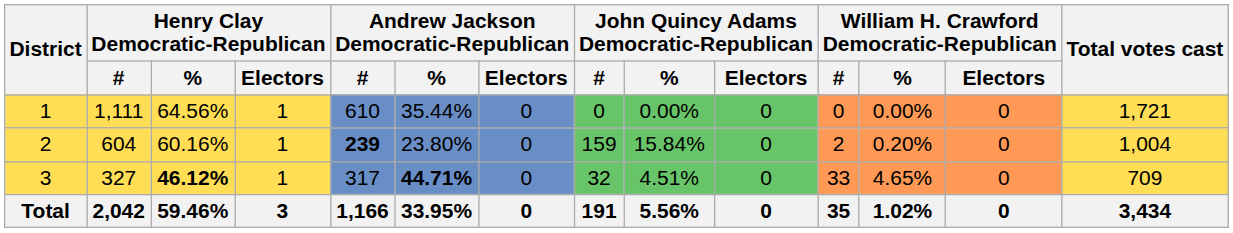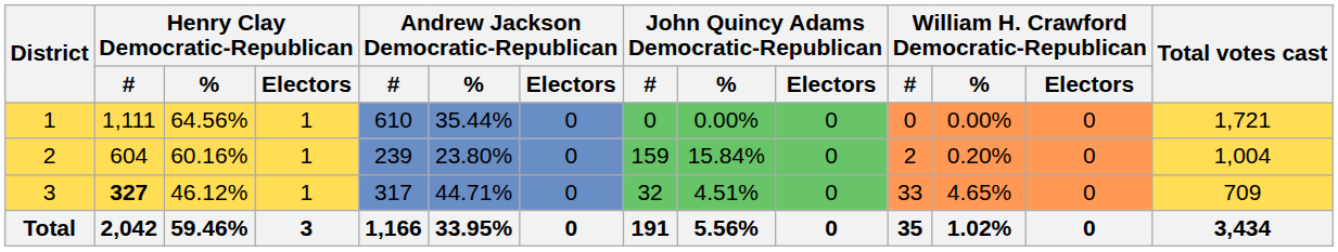 <table class="wikitable sortable">
 <tr>
 <th rowspan="2">District</th>
 <th colspan="3">Henry Clay<br>Democratic-Republican</th>
 <th colspan="3">Andrew Jackson<br>Democratic-Republican</th>
 <th colspan="3">John Quincy Adams<br>Democratic-Republican</th>
 <th colspan="3">William H. Crawford<br>Democratic-Republican</th>
 <th rowspan="2">Total votes cast</th>
 </tr>
 <tr style="text-align:center;">
 <th>#</th>
 <th>%</th>
 <th>Electors</th>
 <th>#</th>
 <th>%</th>
 <th>Electors</th>
 <th>#</th>
 <th>%</th>
 <th>Electors</th>
 <th>#</th>
 <th>%</th>
 <th>Electors</th>
 </tr>
 <tr style="text-align:center;">
 <td style="color:black; background:#FFDD55;">1</td>
 <td style="color:black; background:#FFDD55;">1,111</td>
 <td style="color:black; background:#FFDD55;">64.56%</td>
 <td style="color:black; background:#FFDD55;">1</td>
 <td style="color:black; background:#698DC5;">610</td>
 <td style="color:black; background:#698DC5;">35.44%</td>
 <td style="color:black; background:#698DC5;">0</td>
 <td style="color:black; background:#68C468;">0</td>
 <td style="color:black; background:#68C468;">0.00%</td>
 <td style="color:black; background:#68C468;">0</td>
 <td style="color:black; background:#FF9955;">0</td>
 <td style="color:black; background:#FF9955;">0.00%</td>
 <td style="color:black; background:#FF9955;">0</td>
 <td style="color:black; background:#FFDD55;">1,721</td>
 </tr>
 <tr style="text-align:center;">
 <td style="color:black; background:#FFDD55;">2</td>
 <td style="color:black; background:#FFDD55;">604</td>
 <td style="color:black; background:#FFDD55;">60.16%</td>
 <td style="color:black; background:#FFDD55;">1</td>
-<td style="color:black; background:#698DC5;"><strong>239</strong></td>
+<td style="color:black; background:#698DC5;">239</td>
 <td style="color:black; background:#698DC5;">23.80%</td>
 <td style="color:black; background:#698DC5;">0</td>
 <td style="color:black; background:#68C468;">159</td>
 <td style="color:black; background:#68C468;">15.84%</td>
 <td style="color:black; background:#68C468;">0</td>
 <td style="color:black; background:#FF9955;">2</td>
 <td style="color:black; background:#FF9955;">0.20%</td>
 <td style="color:black; background:#FF9955;">0</td>
 <td style="color:black; background:#FFDD55;">1,004</td>
 </tr>
 <tr style="text-align:center;">
 <td style="color:black; background:#FFDD55;">3</td>
-<td style="color:black; background:#FFDD55;">327</td>
-<td style="color:black; background:#FFDD55;"><strong>46.12%</strong></td>
+<td style="color:black; background:#FFDD55;"><strong>327</strong></td>
+<td style="color:black; background:#FFDD55;">46.12%</td>
 <td style="color:black; background:#FFDD55;">1</td>
 <td style="color:black; background:#698DC5;">317</td>
-<td style="color:black; background:#698DC5;"><strong>44.71%</strong></td>
+<td style="color:black; background:#698DC5;">44.71%</td>
 <td style="color:black; background:#698DC5;">0</td>
 <td style="color:black; background:#68C468;">32</td>
 <td style="color:black; background:#68C468;">4.51%</td>
 <td style="color:black; background:#68C468;">0</td>
 <td style="color:black; background:#FF9955;">33</td>
 <td style="color:black; background:#FF9955;">4.65%</td>
 <td style="color:black; background:#FF9955;">0</td>
 <td style="color:black; background:#FFDD55;">709</td>
 </tr>
 <tr style="text-align:center;">
 <th>Total</th>
 <th>2,042</th>
 <th>59.46%</th>
 <th>3</th>
 <th>1,166</th>
 <th>33.95%</th>
 <th>0</th>
 <th>191</th>
 <th>5.56%</th>
 <th>0</th>
 <th>35</th>
 <th>1.02%</th>
 <th>0</th>
 <th>3,434</th>
 </tr>
 </table>
